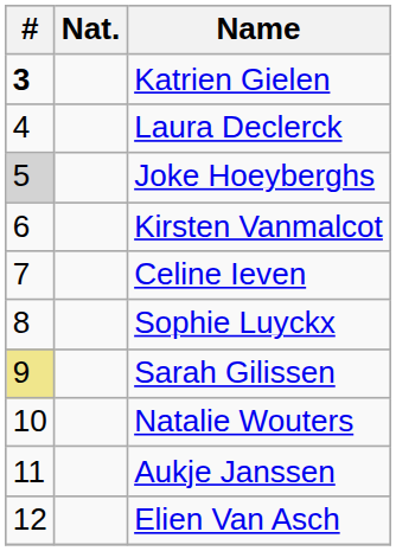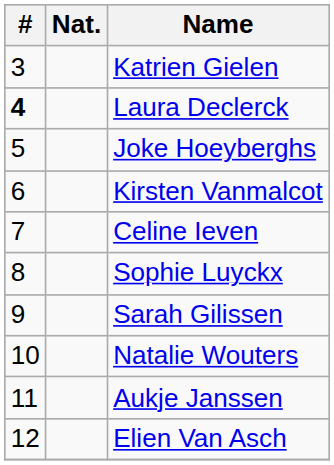 <table class="wikitable">
 <tr>
 <th>#</th>
 <th>Nat.</th>
 <th>Name</th>
 </tr>
 <tr>
-<td><strong>3</strong></td>
+<td>3</td>
 <td></td>
 <td><a href='#'>Katrien Gielen</a></td>
 </tr>
 <tr>
-<td>4</td>
+<td><strong>4</strong></td>
 <td></td>
 <td><a href='#'>Laura Declerck</a></td>
 </tr>
 <tr>
-<td style="background: lightgrey;">5</td>
+<td>5</td>
 <td></td>
 <td><a href='#'>Joke Hoeyberghs</a></td>
 </tr>
 <tr>
 <td>6</td>
 <td></td>
 <td><a href='#'>Kirsten Vanmalcot</a></td>
 </tr>
 <tr>
 <td>7</td>
 <td></td>
 <td><a href='#'>Celine Ieven</a></td>
 </tr>
 <tr>
 <td>8</td>
 <td></td>
 <td><a href='#'>Sophie Luyckx</a></td>
 </tr>
 <tr>
-<td style="background: khaki;">9</td>
+<td>9</td>
 <td></td>
 <td><a href='#'>Sarah Gilissen</a></td>
 </tr>
 <tr>
 <td>10</td>
 <td></td>
 <td><a href='#'>Natalie Wouters</a></td>
 </tr>
 <tr>
 <td>11</td>
 <td></td>
 <td><a href='#'>Aukje Janssen</a></td>
 </tr>
 <tr>
 <td>12</td>
 <td></td>
 <td><a href='#'>Elien Van Asch</a></td>
 </tr>
 <tr>
 </tr>
 </table>
